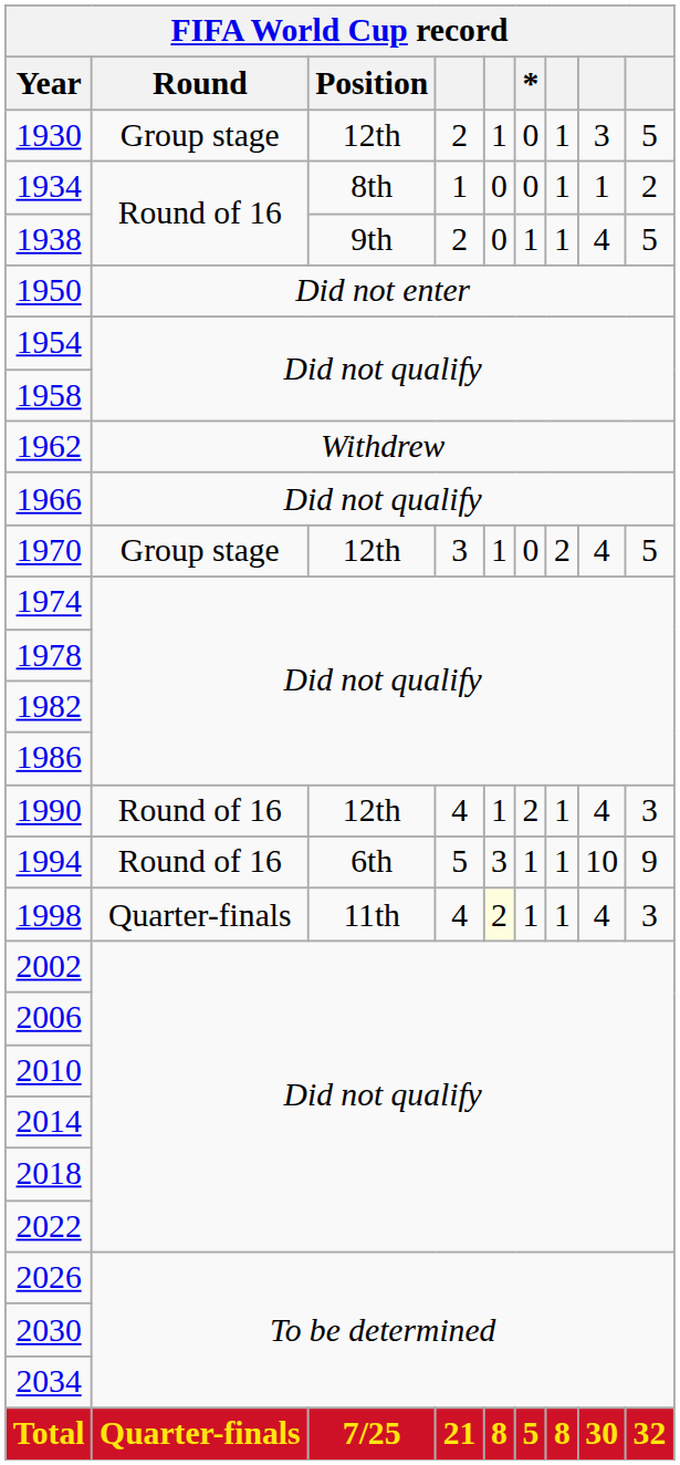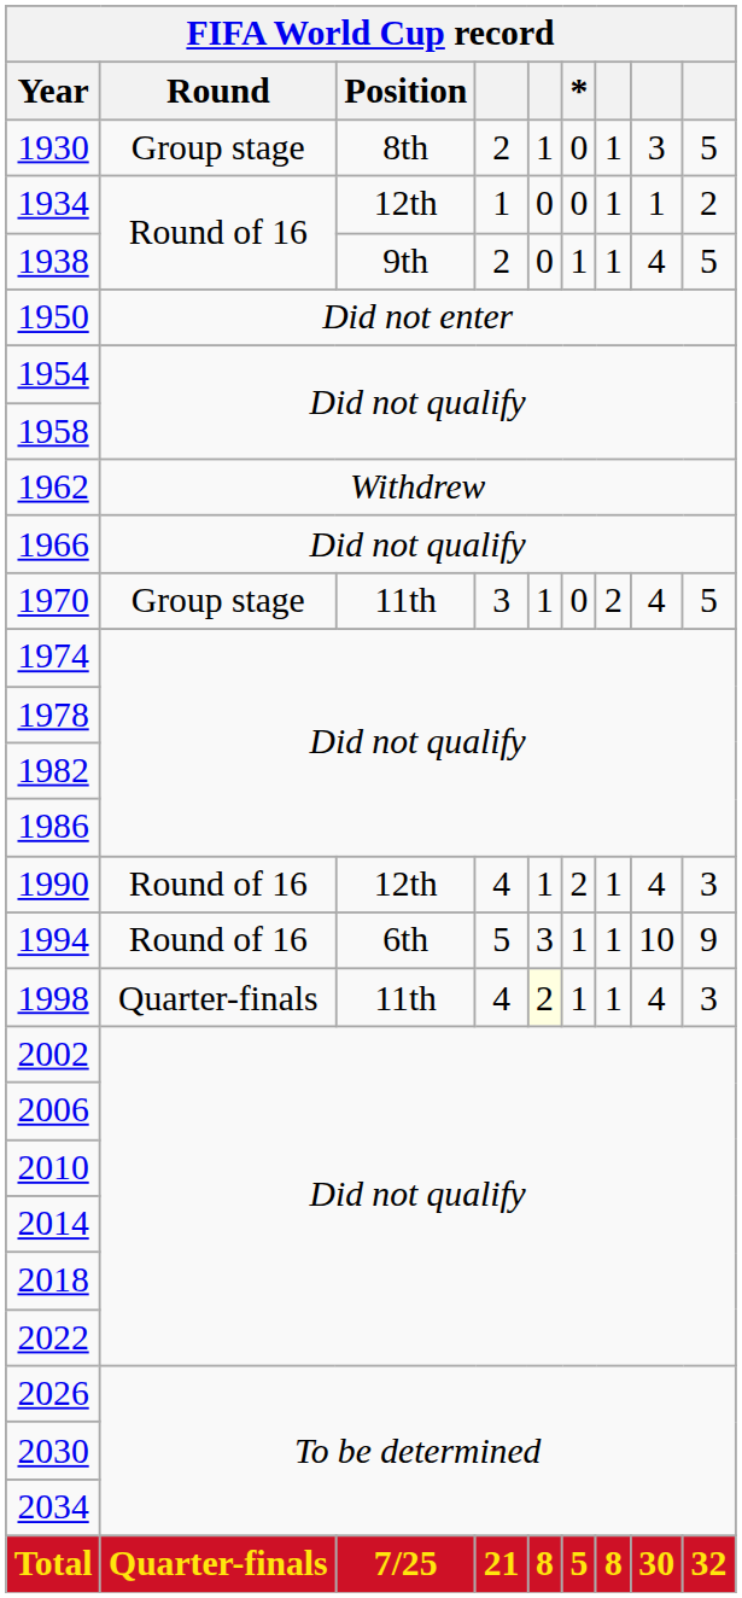 <table class="wikitable" style="text-align: center;">
 <tr>
 <th colspan=9><a href='#'>FIFA World Cup</a> record</th>
 </tr>
 <tr>
 <th>Year</th>
 <th>Round</th>
 <th>Position</th>
 <th></th>
 <th></th>
 <th>*</th>
 <th></th>
 <th></th>
 <th></th>
 </tr>
 <tr>
 <td> <a href='#'>1930</a></td>
 <td>Group stage</td>
-<td>12th</td>
+<td>8th</td>
 <td>2</td>
 <td>1</td>
 <td>0</td>
 <td>1</td>
 <td>3</td>
 <td>5</td>
 </tr>
 <tr>
 <td> <a href='#'>1934</a></td>
 <td rowspan=2>Round of 16</td>
-<td>8th</td>
+<td>12th</td>
 <td>1</td>
 <td>0</td>
 <td>0</td>
 <td>1</td>
 <td>1</td>
 <td>2</td>
 </tr>
 <tr>
 <td> <a href='#'>1938</a></td>
 <td>9th</td>
 <td>2</td>
 <td>0</td>
 <td>1</td>
 <td>1</td>
 <td>4</td>
 <td>5</td>
 </tr>
 <tr>
 <td> <a href='#'>1950</a></td>
 <td rowspan=1 colspan=8><em>Did not enter</em></td>
 </tr>
 <tr>
 <td> <a href='#'>1954</a></td>
 <td rowspan=2 colspan=8><em>Did not qualify</em></td>
 </tr>
 <tr>
 <td> <a href='#'>1958</a></td>
 </tr>
 <tr>
 <td> <a href='#'>1962</a></td>
 <td rowspan=1 colspan=8><em>Withdrew</em></td>
 </tr>
 <tr>
 <td> <a href='#'>1966</a></td>
 <td rowspan=1 colspan=8><em>Did not qualify</em></td>
 </tr>
 <tr>
 <td> <a href='#'>1970</a></td>
 <td>Group stage</td>
-<td>12th</td>
+<td>11th</td>
 <td>3</td>
 <td>1</td>
 <td>0</td>
 <td>2</td>
 <td>4</td>
 <td>5</td>
 </tr>
 <tr>
 <td> <a href='#'>1974</a></td>
 <td rowspan=4 colspan=8><em>Did not qualify</em></td>
 </tr>
 <tr>
 <td> <a href='#'>1978</a></td>
 </tr>
 <tr>
 <td> <a href='#'>1982</a></td>
 </tr>
 <tr>
 <td> <a href='#'>1986</a></td>
 </tr>
 <tr>
 <td> <a href='#'>1990</a></td>
 <td>Round of 16</td>
 <td>12th</td>
 <td>4</td>
 <td>1</td>
 <td>2</td>
 <td>1</td>
 <td>4</td>
 <td>3</td>
 </tr>
 <tr>
 <td> <a href='#'>1994</a></td>
 <td>Round of 16</td>
 <td>6th</td>
 <td>5</td>
 <td>3</td>
 <td>1</td>
 <td>1</td>
 <td>10</td>
 <td>9</td>
 </tr>
 <tr>
 <td> <a href='#'>1998</a></td>
 <td>Quarter-finals</td>
 <td>11th</td>
 <td>4</td>
 <td style="background: lightyellow;">2</td>
 <td>1</td>
 <td>1</td>
 <td>4</td>
 <td>3</td>
 </tr>
 <tr>
 <td>  <a href='#'>2002</a></td>
 <td rowspan=6 colspan=8><em>Did not qualify</em></td>
 </tr>
 <tr>
 <td> <a href='#'>2006</a></td>
 </tr>
 <tr>
 <td> <a href='#'>2010</a></td>
 </tr>
 <tr>
 <td> <a href='#'>2014</a></td>
 </tr>
 <tr>
 <td> <a href='#'>2018</a></td>
 </tr>
 <tr>
 <td> <a href='#'>2022</a></td>
 </tr>
 <tr>
 <td>   <a href='#'>2026</a></td>
 <td rowspan=3 colspan=8><em>To be determined</em></td>
 </tr>
 <tr>
 <td>   <a href='#'>2030</a></td>
 </tr>
 <tr>
 <td> <a href='#'>2034</a></td>
 </tr>
 <tr>
 <th style="background:#CE1126; color:#FFE60D; "><strong>Total</strong></th>
 <th style="background:#CE1126; color:#FFE60D; ">Quarter-finals</th>
 <th style="background:#CE1126; color:#FFE60D; ">7/25</th>
 <th style="background:#CE1126; color:#FFE60D; ">21</th>
 <th style="background:#CE1126; color:#FFE60D; ">8</th>
 <th style="background:#CE1126; color:#FFE60D; ">5</th>
 <th style="background:#CE1126; color:#FFE60D; ">8</th>
 <th style="background:#CE1126; color:#FFE60D; ">30</th>
 <th style="background:#CE1126; color:#FFE60D; ">32</th>
 </tr>
 </table>
